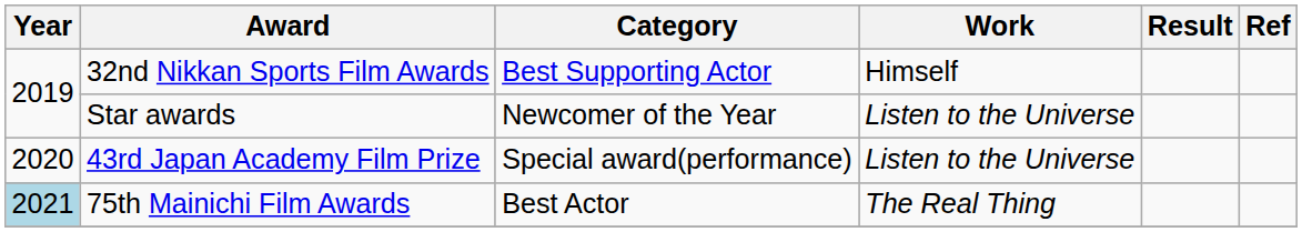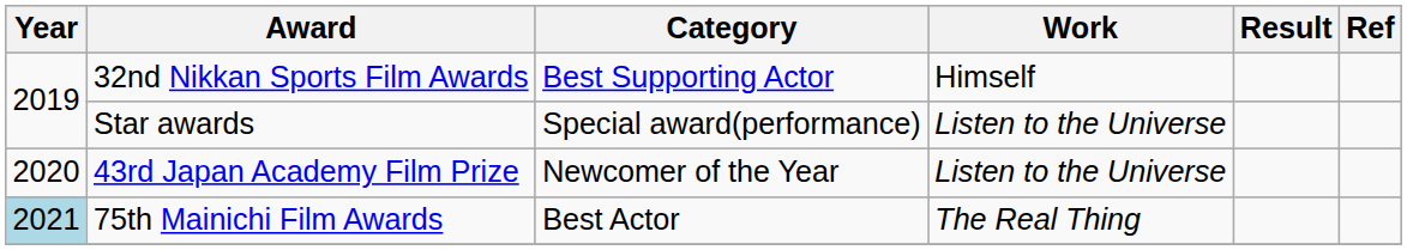 <table class="wikitable sortable">
 <tr>
 <th>Year</th>
 <th>Award</th>
 <th>Category</th>
 <th>Work</th>
 <th>Result</th>
 <th class="unsortable">Ref</th>
 </tr>
 <tr>
 <td rowspan=2>2019</td>
 <td>32nd <a href='#'>Nikkan Sports Film Awards</a></td>
 <td><a href='#'>Best Supporting Actor</a></td>
 <td>Himself</td>
 <td></td>
 <td></td>
 </tr>
 <tr>
 <td>Star awards</td>
-<td>Newcomer of the Year</td>
+<td>Special award(performance)</td>
 <td><em>Listen to the Universe</em></td>
 <td></td>
 <td></td>
 </tr>
 <tr>
 <td>2020</td>
 <td><a href='#'>43rd Japan Academy Film Prize</a></td>
-<td>Special award(performance)</td>
+<td>Newcomer of the Year</td>
 <td><em>Listen to the Universe</em></td>
 <td></td>
 <td></td>
 </tr>
 <tr>
 <td style="background: lightblue;">2021</td>
 <td>75th <a href='#'>Mainichi Film Awards</a></td>
 <td>Best Actor</td>
 <td><em>The Real Thing</em></td>
 <td></td>
 <td></td>
 </tr>
 <tr>
 </tr>
 </table>
